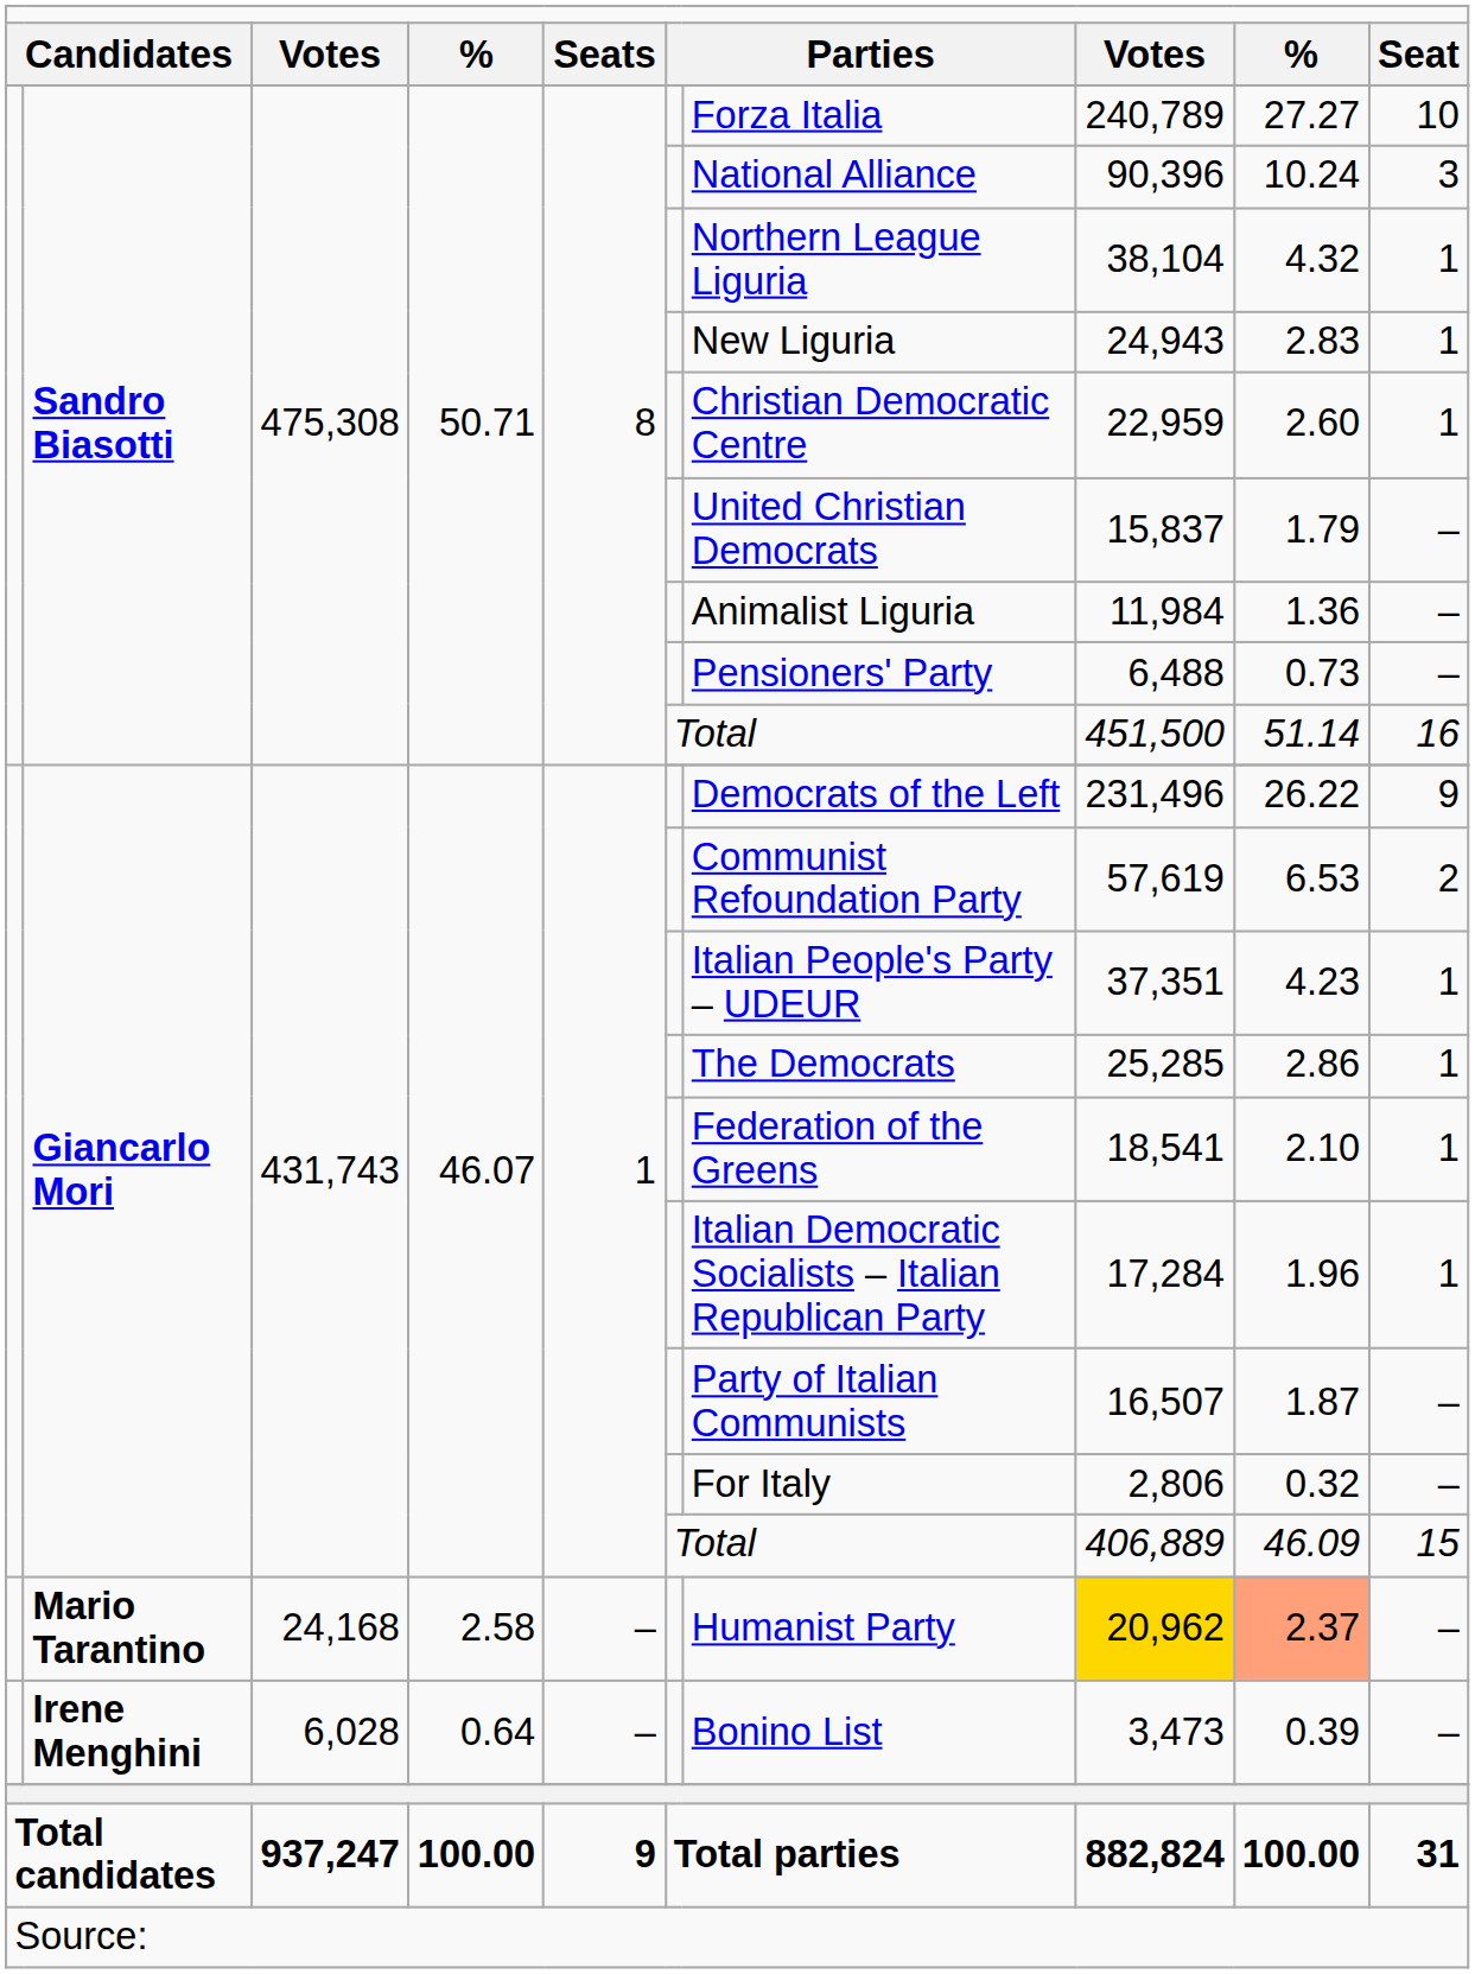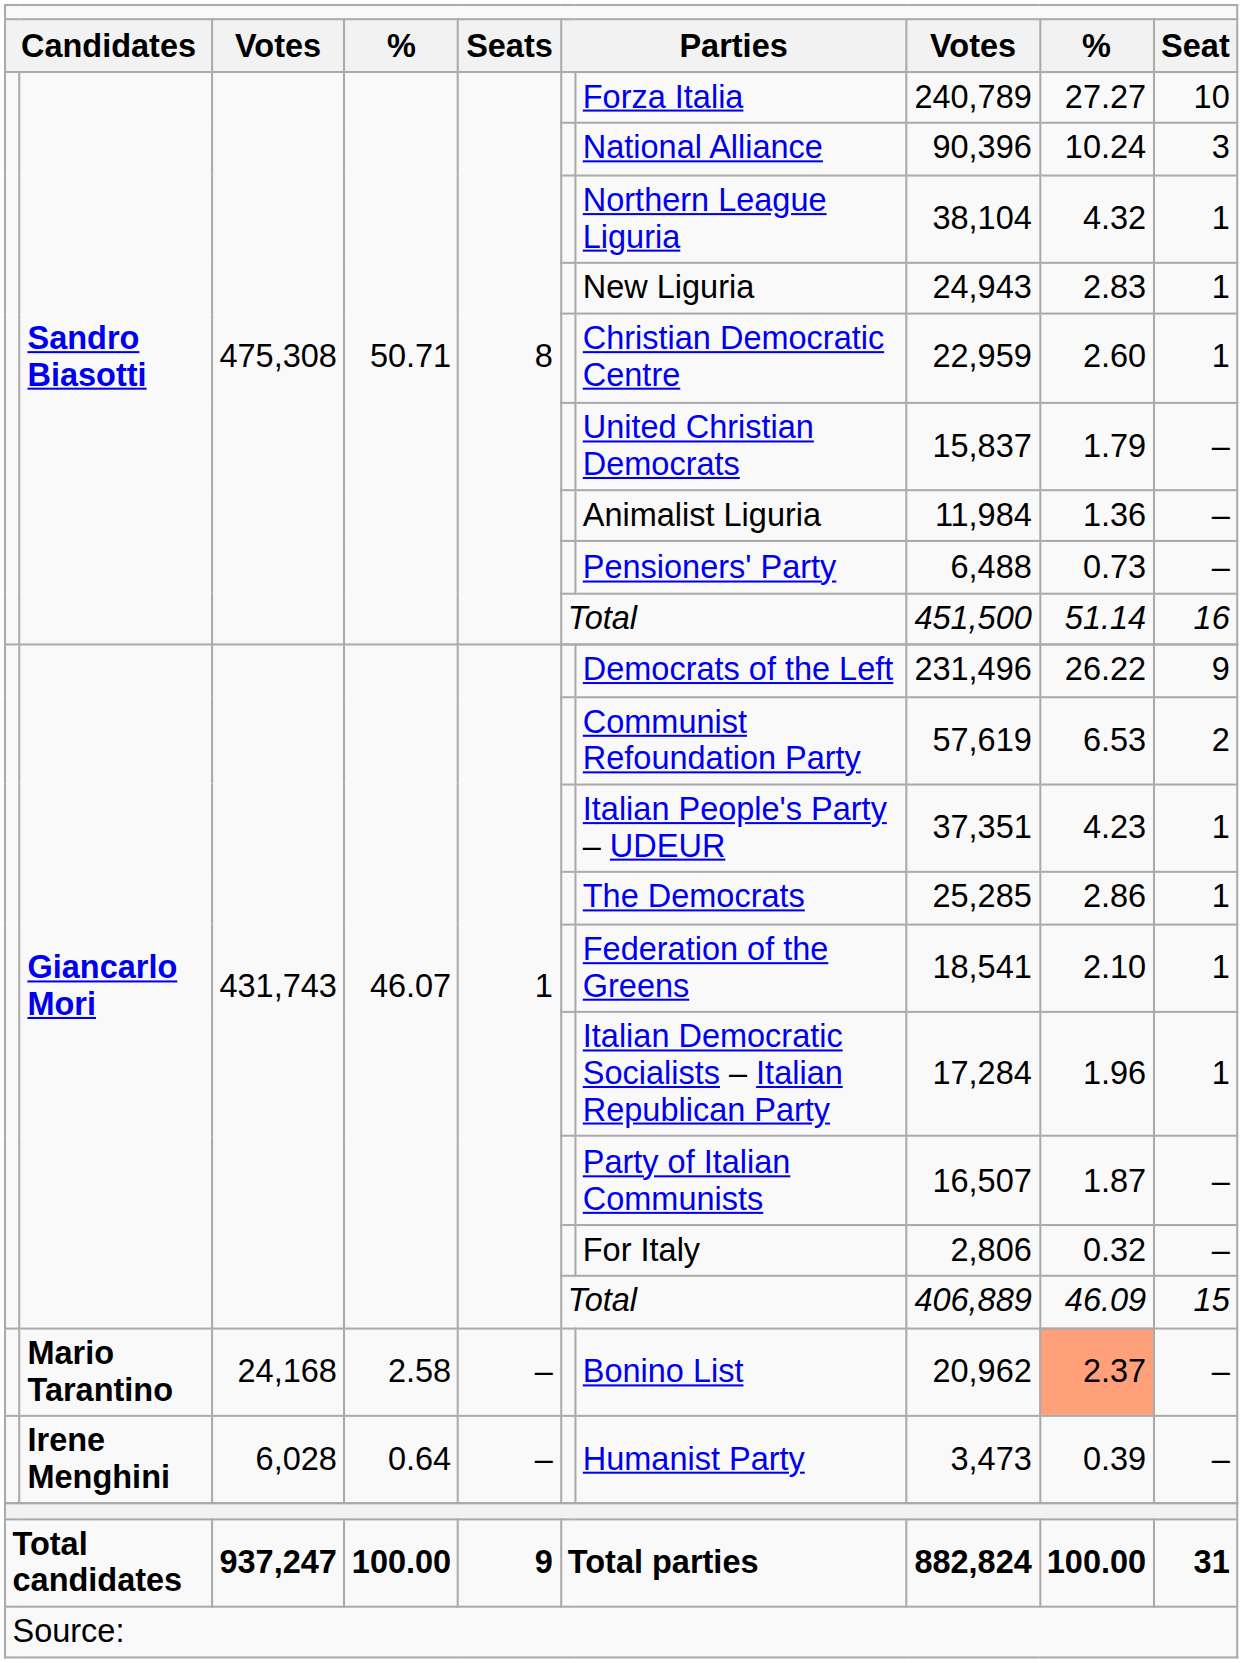 <table class="wikitable">
 <tr>
 <td colspan=10></td>
 </tr>
 <tr>
 <th colspan=2>Candidates</th>
 <th>Votes</th>
 <th>%</th>
 <th>Seats</th>
 <th colspan=2>Parties</th>
 <th>Votes</th>
 <th>%</th>
 <th>Seat</th>
 </tr>
 <tr>
 <td rowspan=10></td>
 <td rowspan=10><strong><a href='#'>Sandro Biasotti</a></strong></td>
 <td rowspan=10 align=right>475,308</td>
 <td rowspan=10 align=right>50.71</td>
 <td rowspan=10 align=right>8</td>
 </tr>
 <tr>
 <td></td>
 <td align="left"><a href='#'>Forza Italia</a></td>
 <td align=right>240,789</td>
 <td align=right>27.27</td>
 <td align=right>10</td>
 </tr>
 <tr>
 <td></td>
 <td align="left"><a href='#'>National Alliance</a></td>
 <td align=right>90,396</td>
 <td align=right>10.24</td>
 <td align=right>3</td>
 </tr>
 <tr>
 <td></td>
 <td align="left"><a href='#'>Northern League Liguria</a></td>
 <td align=right>38,104</td>
 <td align=right>4.32</td>
 <td align=right>1</td>
 </tr>
 <tr>
 <td></td>
 <td align="left">New Liguria</td>
 <td align=right>24,943</td>
 <td align=right>2.83</td>
 <td align=right>1</td>
 </tr>
 <tr>
 <td></td>
 <td align="left"><a href='#'>Christian Democratic Centre</a></td>
 <td align=right>22,959</td>
 <td align=right>2.60</td>
 <td align=right>1</td>
 </tr>
 <tr>
 <td></td>
 <td align="left"><a href='#'>United Christian Democrats</a></td>
 <td align=right>15,837</td>
 <td align=right>1.79</td>
 <td align=right>–</td>
 </tr>
 <tr>
 <td></td>
 <td align="left">Animalist Liguria</td>
 <td align=right>11,984</td>
 <td align=right>1.36</td>
 <td align=right>–</td>
 </tr>
 <tr>
 <td></td>
 <td align="left"><a href='#'>Pensioners' Party</a></td>
 <td align=right>6,488</td>
 <td align=right>0.73</td>
 <td align=right>–</td>
 </tr>
 <tr>
 <td colspan=2><em>Total</em></td>
 <td align=right><em>451,500</em></td>
 <td align=right><em>51.14</em></td>
 <td align=right><em>16</em></td>
 </tr>
 <tr>
 <td rowspan=10></td>
 <td rowspan=10><strong><a href='#'>Giancarlo Mori</a></strong></td>
 <td rowspan=10 align=right>431,743</td>
 <td rowspan=10 align=right>46.07</td>
 <td rowspan=10 align=right>1</td>
 </tr>
 <tr>
 <td></td>
 <td align="left"><a href='#'>Democrats of the Left</a></td>
 <td align=right>231,496</td>
 <td align=right>26.22</td>
 <td align=right>9</td>
 </tr>
 <tr>
 <td></td>
 <td align="left"><a href='#'>Communist Refoundation Party</a></td>
 <td align=right>57,619</td>
 <td align=right>6.53</td>
 <td align=right>2</td>
 </tr>
 <tr>
 <td></td>
 <td align="left"><a href='#'>Italian People's Party</a> – <a href='#'>UDEUR</a></td>
 <td align=right>37,351</td>
 <td align=right>4.23</td>
 <td align=right>1</td>
 </tr>
 <tr>
 <td></td>
 <td align="left"><a href='#'>The Democrats</a></td>
 <td align=right>25,285</td>
 <td align=right>2.86</td>
 <td align=right>1</td>
 </tr>
 <tr>
 <td></td>
 <td align="left"><a href='#'>Federation of the Greens</a></td>
 <td align=right>18,541</td>
 <td align=right>2.10</td>
 <td align=right>1</td>
 </tr>
 <tr>
 <td></td>
 <td align="left"><a href='#'>Italian Democratic Socialists</a> – <a href='#'>Italian Republican Party</a></td>
 <td align=right>17,284</td>
 <td align=right>1.96</td>
 <td align=right>1</td>
 </tr>
 <tr>
 <td></td>
 <td align="left"><a href='#'>Party of Italian Communists</a></td>
 <td align=right>16,507</td>
 <td align=right>1.87</td>
 <td align=right>–</td>
 </tr>
 <tr>
 <td></td>
 <td align="left">For Italy</td>
 <td align=right>2,806</td>
 <td align=right>0.32</td>
 <td align=right>–</td>
 </tr>
 <tr>
 <td colspan=2><em>Total</em></td>
 <td align=right><em>406,889</em></td>
 <td align=right><em>46.09</em></td>
 <td align=right><em>15</em></td>
 </tr>
 <tr>
 <td></td>
 <td><strong>Mario Tarantino</strong></td>
 <td align=right>24,168</td>
 <td align=right>2.58</td>
 <td align=right>–</td>
 <td></td>
-<td align="left"><a href='#'>Humanist Party</a></td>
-<td align=right style="background: gold;">20,962</td>
+<td align="left"><a href='#'>Bonino List</a></td>
+<td align=right>20,962</td>
 <td align=right style="background: lightsalmon;">2.37</td>
 <td align=right>–</td>
 </tr>
 <tr>
 <td></td>
 <td><strong>Irene Menghini</strong></td>
 <td align=right>6,028</td>
 <td align=right>0.64</td>
 <td align=right>–</td>
 <td></td>
-<td align="left"><a href='#'>Bonino List</a></td>
+<td align="left"><a href='#'>Humanist Party</a></td>
 <td align=right>3,473</td>
 <td align=right>0.39</td>
 <td align=right>–</td>
 </tr>
 <tr>
 </tr>
 <tr>
 <th colspan=10></th>
 </tr>
 <tr>
 <td colspan=2><strong>Total candidates</strong></td>
 <td align=right><strong>937,247</strong></td>
 <td align=right><strong>100.00</strong></td>
 <td align=right><strong>9</strong></td>
 <td colspan=2><strong>Total parties</strong></td>
 <td align=right><strong>882,824</strong></td>
 <td align=right><strong>100.00</strong></td>
 <td align=right><strong>31</strong></td>
 </tr>
 <tr>
 <td colspan=10>Source: </td>
 </tr>
 </table>
